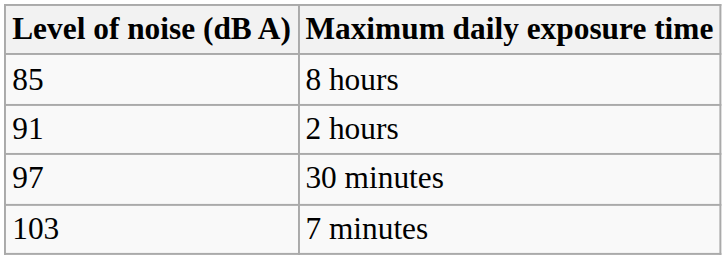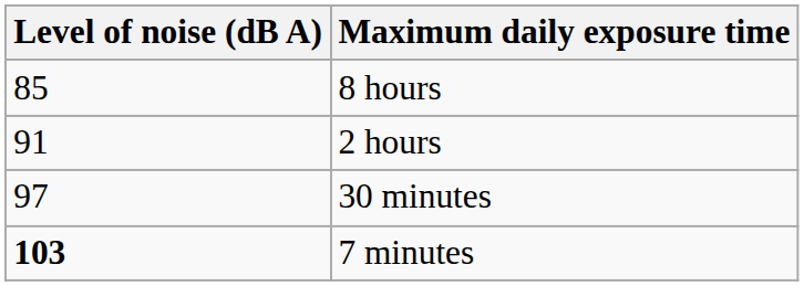 <table class="wikitable">
 <tr>
 <th>Level of noise (dB A)</th>
 <th>Maximum daily exposure time</th>
 </tr>
 <tr>
 <td>85</td>
 <td>8 hours</td>
 </tr>
 <tr>
 <td>91</td>
 <td>2 hours</td>
 </tr>
 <tr>
 <td>97</td>
 <td>30 minutes</td>
 </tr>
 <tr>
-<td>103</td>
+<td><strong>103</strong></td>
 <td>7 minutes</td>
 </tr>
 </table>
